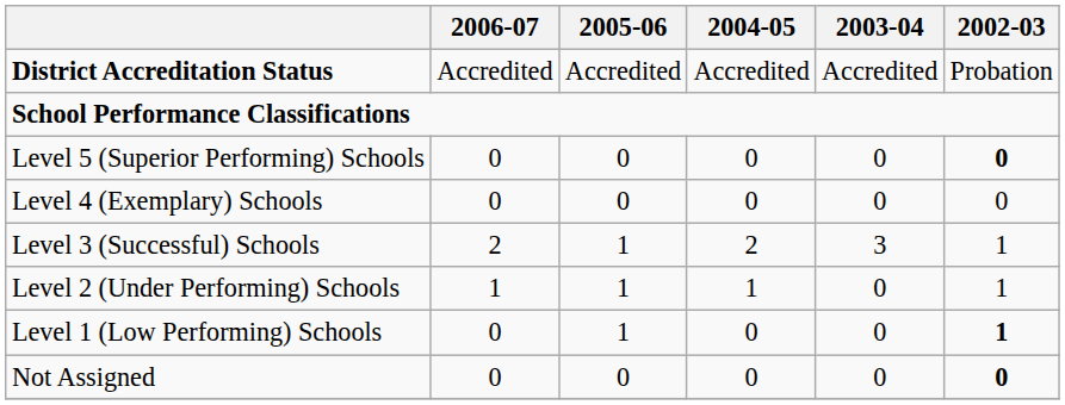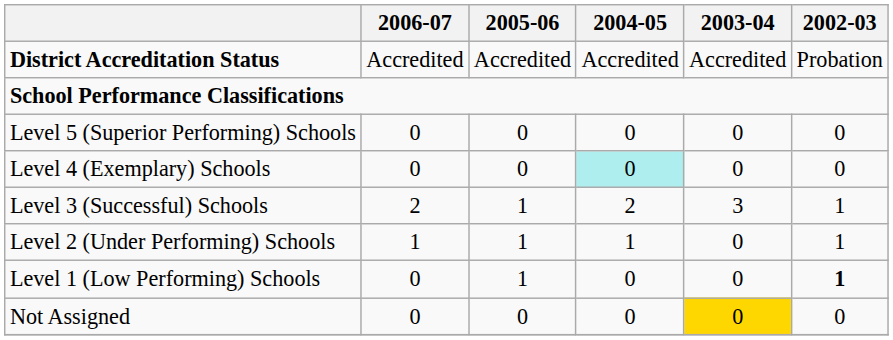 <table class="wikitable" style="font-size: 95%;">
 <tr>
 <th></th>
 <th>2006-07</th>
 <th>2005-06</th>
 <th>2004-05</th>
 <th>2003-04</th>
 <th>2002-03</th>
 </tr>
 <tr>
 <td align="left"><strong>District Accreditation Status</strong></td>
 <td align="center">Accredited</td>
 <td align="center">Accredited</td>
 <td align="center">Accredited</td>
 <td align="center">Accredited</td>
 <td align="center">Probation</td>
 </tr>
 <tr>
 <td align="left" colspan="6"><strong>School Performance Classifications</strong></td>
 </tr>
 <tr>
 <td align="left">Level 5 (Superior Performing) Schools</td>
 <td align="center">0</td>
 <td align="center">0</td>
 <td align="center">0</td>
 <td align="center">0</td>
-<td align="center"><strong>0</strong></td>
+<td align="center">0</td>
 </tr>
 <tr>
 <td align="left">Level 4 (Exemplary) Schools</td>
 <td align="center">0</td>
 <td align="center">0</td>
-<td align="center">0</td>
+<td align="center" style="background: paleturquoise;">0</td>
 <td align="center">0</td>
 <td align="center">0</td>
 </tr>
 <tr>
 <td align="left">Level 3 (Successful) Schools</td>
 <td align="center">2</td>
 <td align="center">1</td>
 <td align="center">2</td>
 <td align="center">3</td>
 <td align="center">1</td>
 </tr>
 <tr>
 <td align="left">Level 2 (Under Performing) Schools</td>
 <td align="center">1</td>
 <td align="center">1</td>
 <td align="center">1</td>
 <td align="center">0</td>
 <td align="center">1</td>
 </tr>
 <tr>
 <td align="left">Level 1 (Low Performing) Schools</td>
 <td align="center">0</td>
 <td align="center">1</td>
 <td align="center">0</td>
 <td align="center">0</td>
 <td align="center"><strong>1</strong></td>
 </tr>
 <tr>
 <td align="left">Not Assigned</td>
 <td align="center">0</td>
 <td align="center">0</td>
 <td align="center">0</td>
+<td align="center" style="background: gold;">0</td>
 <td align="center">0</td>
-<td align="center"><strong>0</strong></td>
 </tr>
 <tr>
 </tr>
 </table>
